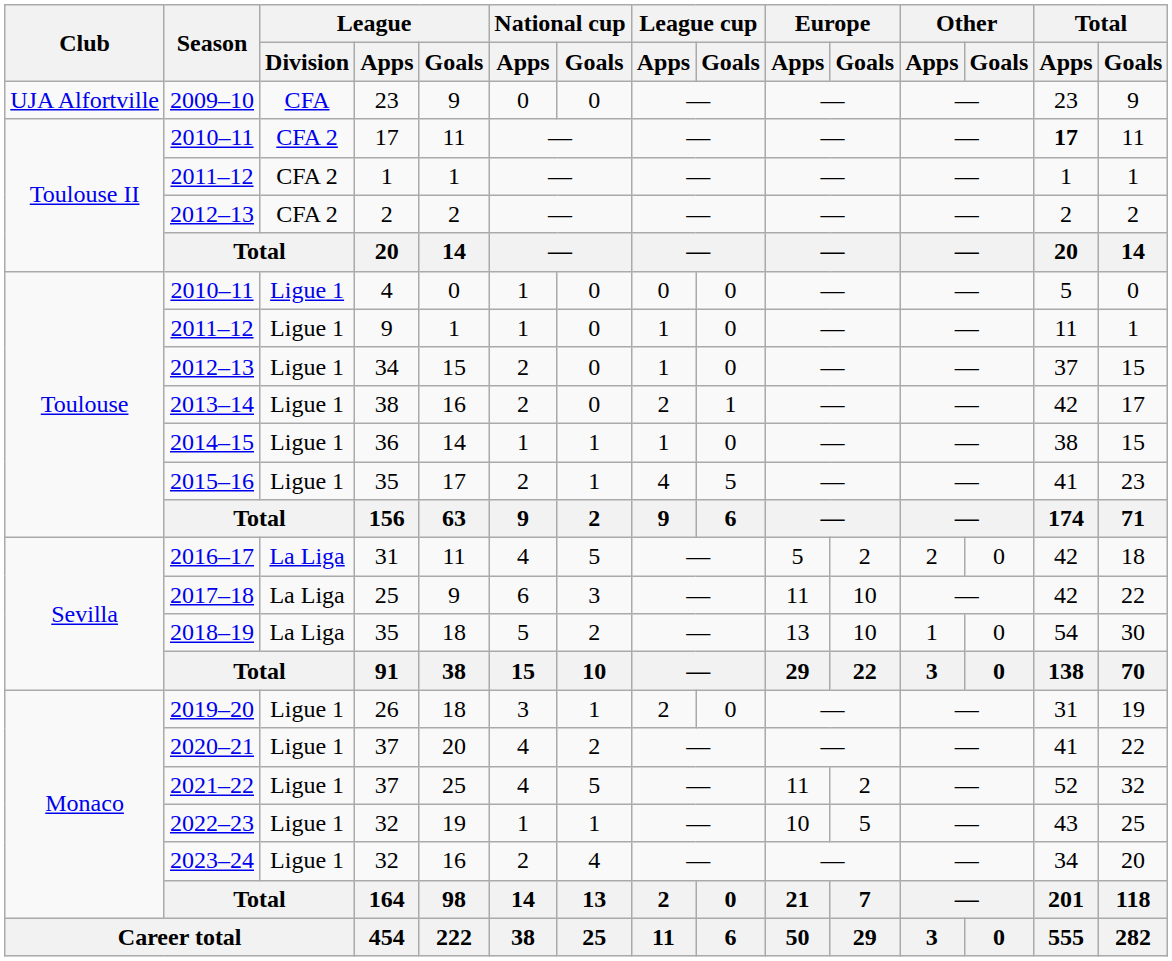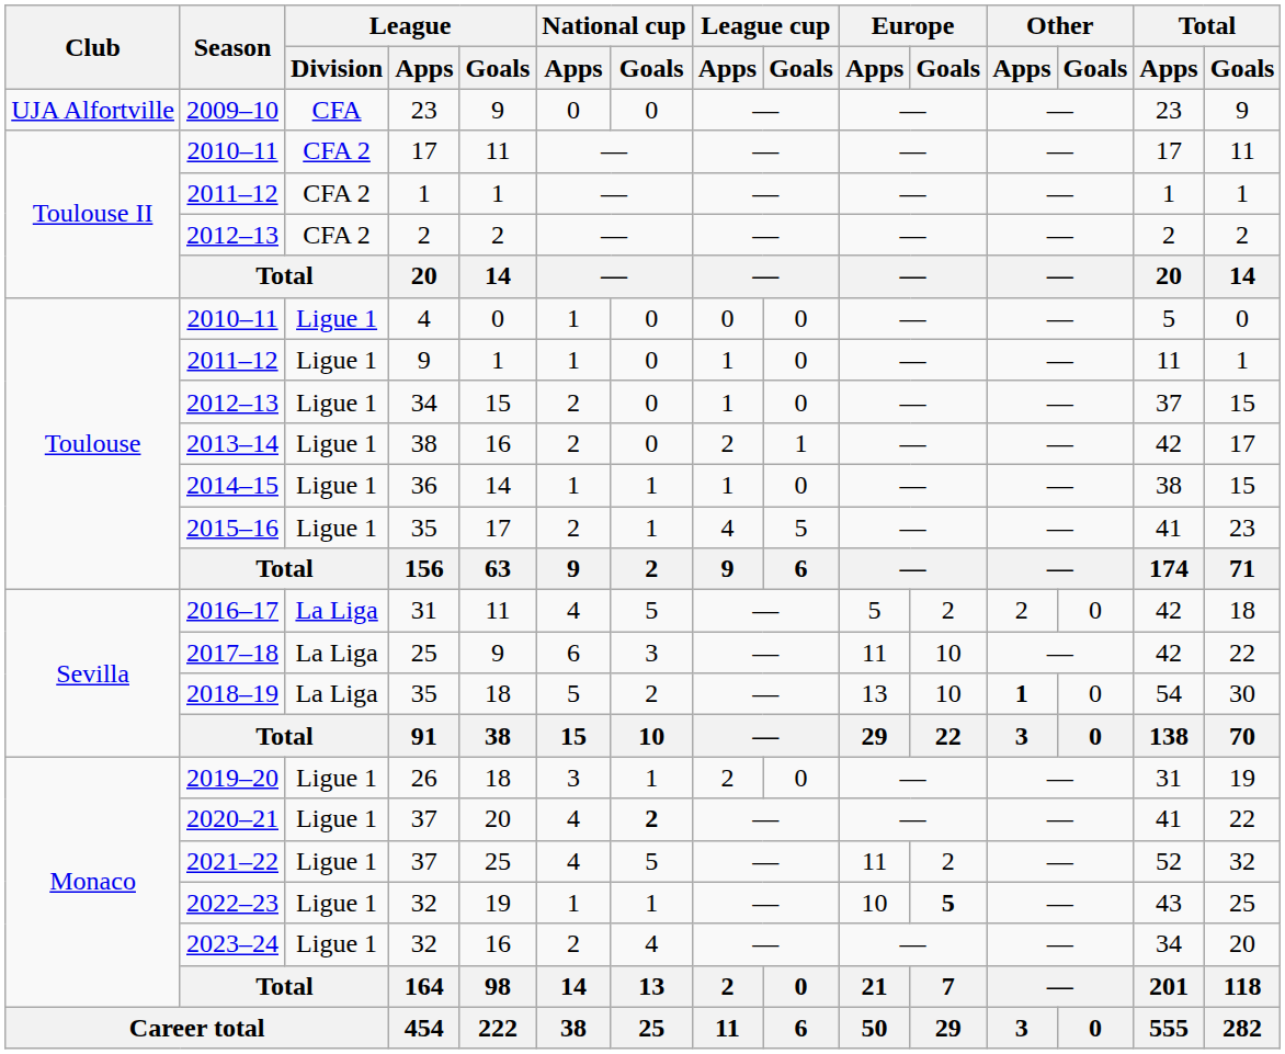 <table class="wikitable" style="text-align: center;">
 <tr>
 <th rowspan="2">Club</th>
 <th rowspan="2">Season</th>
 <th colspan="3">League</th>
 <th colspan="2">National cup</th>
 <th colspan="2">League cup</th>
 <th colspan="2">Europe</th>
 <th colspan="2">Other</th>
 <th colspan="2">Total</th>
 </tr>
 <tr>
 <th>Division</th>
 <th>Apps</th>
 <th>Goals</th>
 <th>Apps</th>
 <th>Goals</th>
 <th>Apps</th>
 <th>Goals</th>
 <th>Apps</th>
 <th>Goals</th>
 <th>Apps</th>
 <th>Goals</th>
 <th>Apps</th>
 <th>Goals</th>
 </tr>
 <tr>
 <td><a href='#'>UJA Alfortville</a></td>
 <td><a href='#'>2009–10</a></td>
 <td><a href='#'>CFA</a></td>
 <td>23</td>
 <td>9</td>
 <td>0</td>
 <td>0</td>
 <td colspan="2">—</td>
 <td colspan="2">—</td>
 <td colspan="2">—</td>
 <td>23</td>
 <td>9</td>
 </tr>
 <tr>
 <td rowspan="4"><a href='#'>Toulouse II</a></td>
 <td><a href='#'>2010–11</a></td>
 <td><a href='#'>CFA 2</a></td>
 <td>17</td>
 <td>11</td>
 <td colspan="2">—</td>
 <td colspan="2">—</td>
 <td colspan="2">—</td>
 <td colspan="2">—</td>
-<td><strong>17</strong></td>
+<td>17</td>
 <td>11</td>
 </tr>
 <tr>
 <td><a href='#'>2011–12</a></td>
 <td>CFA 2</td>
 <td>1</td>
 <td>1</td>
 <td colspan="2">—</td>
 <td colspan="2">—</td>
 <td colspan="2">—</td>
 <td colspan="2">—</td>
 <td>1</td>
 <td>1</td>
 </tr>
 <tr>
 <td><a href='#'>2012–13</a></td>
 <td>CFA 2</td>
 <td>2</td>
 <td>2</td>
 <td colspan="2">—</td>
 <td colspan="2">—</td>
 <td colspan="2">—</td>
 <td colspan="2">—</td>
 <td>2</td>
 <td>2</td>
 </tr>
 <tr>
 <th colspan="2">Total</th>
 <th>20</th>
 <th>14</th>
 <th colspan="2">—</th>
 <th colspan="2">—</th>
 <th colspan="2">—</th>
 <th colspan="2">—</th>
 <th>20</th>
 <th>14</th>
 </tr>
 <tr>
 <td rowspan="7"><a href='#'>Toulouse</a></td>
 <td><a href='#'>2010–11</a></td>
 <td><a href='#'>Ligue 1</a></td>
 <td>4</td>
 <td>0</td>
 <td>1</td>
 <td>0</td>
 <td>0</td>
 <td>0</td>
 <td colspan="2">—</td>
 <td colspan="2">—</td>
 <td>5</td>
 <td>0</td>
 </tr>
 <tr>
 <td><a href='#'>2011–12</a></td>
 <td>Ligue 1</td>
 <td>9</td>
 <td>1</td>
 <td>1</td>
 <td>0</td>
 <td>1</td>
 <td>0</td>
 <td colspan="2">—</td>
 <td colspan="2">—</td>
 <td>11</td>
 <td>1</td>
 </tr>
 <tr>
 <td><a href='#'>2012–13</a></td>
 <td>Ligue 1</td>
 <td>34</td>
 <td>15</td>
 <td>2</td>
 <td>0</td>
 <td>1</td>
 <td>0</td>
 <td colspan="2">—</td>
 <td colspan="2">—</td>
 <td>37</td>
 <td>15</td>
 </tr>
 <tr>
 <td><a href='#'>2013–14</a></td>
 <td>Ligue 1</td>
 <td>38</td>
 <td>16</td>
 <td>2</td>
 <td>0</td>
 <td>2</td>
 <td>1</td>
 <td colspan="2">—</td>
 <td colspan="2">—</td>
 <td>42</td>
 <td>17</td>
 </tr>
 <tr>
 <td><a href='#'>2014–15</a></td>
 <td>Ligue 1</td>
 <td>36</td>
 <td>14</td>
 <td>1</td>
 <td>1</td>
 <td>1</td>
 <td>0</td>
 <td colspan="2">—</td>
 <td colspan="2">—</td>
 <td>38</td>
 <td>15</td>
 </tr>
 <tr>
 <td><a href='#'>2015–16</a></td>
 <td>Ligue 1</td>
 <td>35</td>
 <td>17</td>
 <td>2</td>
 <td>1</td>
 <td>4</td>
 <td>5</td>
 <td colspan="2">—</td>
 <td colspan="2">—</td>
 <td>41</td>
 <td>23</td>
 </tr>
 <tr>
 <th colspan="2">Total</th>
 <th>156</th>
 <th>63</th>
 <th>9</th>
 <th>2</th>
 <th>9</th>
 <th>6</th>
 <th colspan="2">—</th>
 <th colspan="2">—</th>
 <th>174</th>
 <th>71</th>
 </tr>
 <tr>
 <td rowspan="4"><a href='#'>Sevilla</a></td>
 <td><a href='#'>2016–17</a></td>
 <td><a href='#'>La Liga</a></td>
 <td>31</td>
 <td>11</td>
 <td>4</td>
 <td>5</td>
 <td colspan="2">—</td>
 <td>5</td>
 <td>2</td>
 <td>2</td>
 <td>0</td>
 <td>42</td>
 <td>18</td>
 </tr>
 <tr>
 <td><a href='#'>2017–18</a></td>
 <td>La Liga</td>
 <td>25</td>
 <td>9</td>
 <td>6</td>
 <td>3</td>
 <td colspan="2">—</td>
 <td>11</td>
 <td>10</td>
 <td colspan="2">—</td>
 <td>42</td>
 <td>22</td>
 </tr>
 <tr>
 <td><a href='#'>2018–19</a></td>
 <td>La Liga</td>
 <td>35</td>
 <td>18</td>
 <td>5</td>
 <td>2</td>
 <td colspan="2">—</td>
 <td>13</td>
 <td>10</td>
-<td>1</td>
+<td><strong>1</strong></td>
 <td>0</td>
 <td>54</td>
 <td>30</td>
 </tr>
 <tr>
 <th colspan="2">Total</th>
 <th>91</th>
 <th>38</th>
 <th>15</th>
 <th>10</th>
 <th colspan="2">—</th>
 <th>29</th>
 <th>22</th>
 <th>3</th>
 <th>0</th>
 <th>138</th>
 <th>70</th>
 </tr>
 <tr>
 <td rowspan="6"><a href='#'>Monaco</a></td>
 <td><a href='#'>2019–20</a></td>
 <td>Ligue 1</td>
 <td>26</td>
 <td>18</td>
 <td>3</td>
 <td>1</td>
 <td>2</td>
 <td>0</td>
 <td colspan="2">—</td>
 <td colspan="2">—</td>
 <td>31</td>
 <td>19</td>
 </tr>
 <tr>
 <td><a href='#'>2020–21</a></td>
 <td>Ligue 1</td>
 <td>37</td>
 <td>20</td>
 <td>4</td>
-<td>2</td>
+<td><strong>2</strong></td>
 <td colspan="2">—</td>
 <td colspan="2">—</td>
 <td colspan="2">—</td>
 <td>41</td>
 <td>22</td>
 </tr>
 <tr>
 <td><a href='#'>2021–22</a></td>
 <td>Ligue 1</td>
 <td>37</td>
 <td>25</td>
 <td>4</td>
 <td>5</td>
 <td colspan="2">—</td>
 <td>11</td>
 <td>2</td>
 <td colspan="2">—</td>
 <td>52</td>
 <td>32</td>
 </tr>
 <tr>
 <td><a href='#'>2022–23</a></td>
 <td>Ligue 1</td>
 <td>32</td>
 <td>19</td>
 <td>1</td>
 <td>1</td>
 <td colspan="2">—</td>
 <td>10</td>
-<td>5</td>
+<td><strong>5</strong></td>
 <td colspan="2">—</td>
 <td>43</td>
 <td>25</td>
 </tr>
 <tr>
 <td><a href='#'>2023–24</a></td>
 <td>Ligue 1</td>
 <td>32</td>
 <td>16</td>
 <td>2</td>
 <td>4</td>
 <td colspan="2">—</td>
 <td colspan="2">—</td>
 <td colspan="2">—</td>
 <td>34</td>
 <td>20</td>
 </tr>
 <tr>
 <th colspan="2">Total</th>
 <th>164</th>
 <th>98</th>
 <th>14</th>
 <th>13</th>
 <th>2</th>
 <th>0</th>
 <th>21</th>
 <th>7</th>
 <th colspan="2">—</th>
 <th>201</th>
 <th>118</th>
 </tr>
 <tr>
 <th colspan="3">Career total</th>
 <th>454</th>
 <th>222</th>
 <th>38</th>
 <th>25</th>
 <th>11</th>
 <th>6</th>
 <th>50</th>
 <th>29</th>
 <th>3</th>
 <th>0</th>
 <th>555</th>
 <th>282</th>
 </tr>
 </table>
